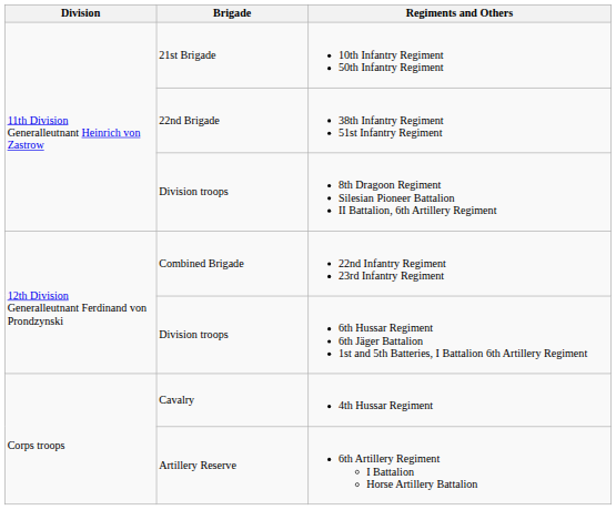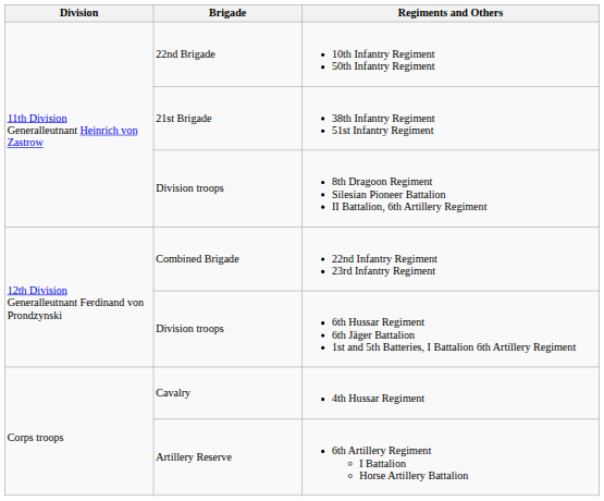 <table class="wikitable">
 <tr>
 <th style="width:25%;">Division</th>
 <th style="width:25%;">Brigade</th>
 <th>Regiments and Others</th>
 </tr>
 <tr>
 <td rowspan=3><br><a href='#'>11th Division</a> <br> Generalleutnant <a href='#'>Heinrich von Zastrow</a></td>
-<td>21st Brigade</td>
+<td>22nd Brigade</td>
 <td><br><ul><li>10th Infantry Regiment</li><li>50th Infantry Regiment</li></ul></td>
 </tr>
 <tr>
-<td>22nd Brigade</td>
+<td>21st Brigade</td>
 <td><br><ul><li>38th Infantry Regiment</li><li>51st Infantry Regiment</li></ul></td>
 </tr>
 <tr>
 <td>Division troops</td>
 <td><br><ul><li>8th Dragoon Regiment </li><li>Silesian Pioneer Battalion</li><li>II Battalion, 6th Artillery Regiment</li></ul></td>
 </tr>
 <tr>
 <td rowspan=2><br><a href='#'>12th Division</a> <br> Generalleutnant Ferdinand von Prondzynski</td>
 <td>Combined Brigade</td>
 <td><br><ul><li>22nd Infantry Regiment</li><li>23rd Infantry Regiment</li></ul></td>
 </tr>
 <tr>
 <td>Division troops</td>
 <td><br><ul><li>6th Hussar Regiment</li><li>6th Jäger Battalion</li><li>1st and 5th Batteries, I Battalion 6th Artillery Regiment</li></ul></td>
 </tr>
 <tr>
 <td rowspan=2><br>Corps troops</td>
 <td>Cavalry</td>
 <td><br><ul><li>4th Hussar Regiment</li></ul></td>
 </tr>
 <tr>
 <td>Artillery Reserve</td>
 <td><br><ul><li>6th Artillery Regiment<ul><li>I Battalion</li><li>Horse Artillery Battalion</li></ul></li></ul></td>
 </tr>
 </table>
